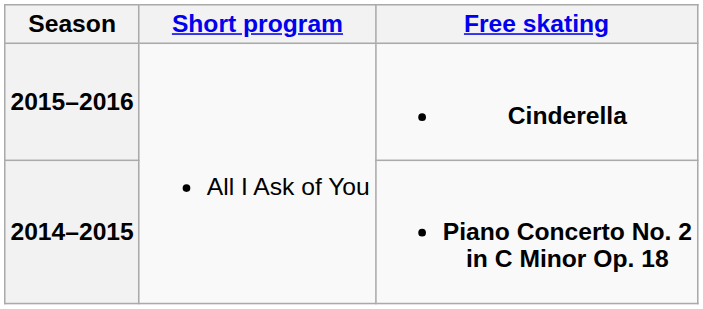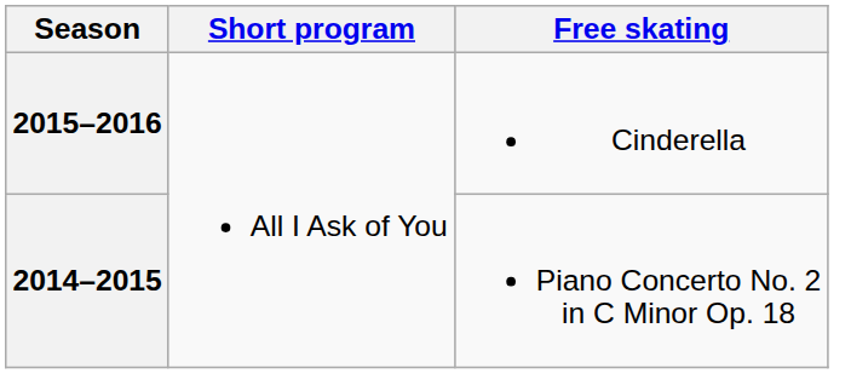 <table class=wikitable style=text-align:center>
 <tr>
 <th>Season</th>
 <th><a href='#'>Short program</a></th>
 <th><a href='#'>Free skating</a></th>
 </tr>
 <tr>
 <th>2015–2016 <br> </th>
 <td rowspan="2"><br><ul><li>All I Ask of You <br></li></ul></td>
-<td><strong><br><ul><li>Cinderella <br></li></ul></strong></td>
+<td><br><ul><li>Cinderella <br></li></ul></td>
 </tr>
 <tr>
 <th>2014–2015 <br> </th>
-<td><strong><br><ul><li>Piano Concerto No. 2 <br> in C Minor Op. 18 <br></li></ul></strong></td>
+<td><br><ul><li>Piano Concerto No. 2 <br> in C Minor Op. 18 <br></li></ul></td>
 </tr>
 </table>
